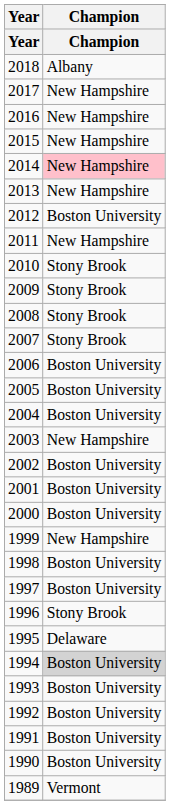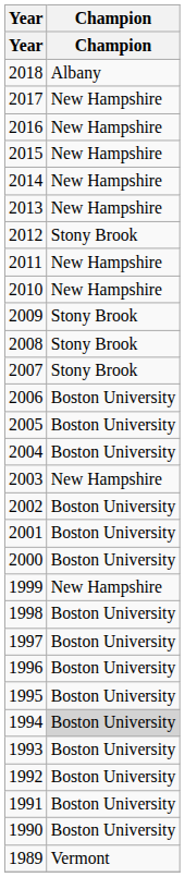 <table class="wikitable sortable">
 <tr>
 <th>Year</th>
 <th>Champion</th>
 </tr>
 <tr>
 <th>Year</th>
 <th>Champion</th>
 </tr>
 <tr>
 <td>2018</td>
 <td>Albany</td>
 </tr>
 <tr>
 <td>2017</td>
 <td>New Hampshire</td>
 </tr>
 <tr>
 <td>2016</td>
 <td>New Hampshire</td>
 </tr>
 <tr>
 <td>2015</td>
 <td>New Hampshire</td>
 </tr>
 <tr>
 <td>2014</td>
-<td style="background: pink;">New Hampshire</td>
+<td>New Hampshire</td>
 </tr>
 <tr>
 <td>2013</td>
 <td>New Hampshire</td>
 </tr>
 <tr>
 <td>2012</td>
-<td>Boston University</td>
+<td>Stony Brook</td>
 </tr>
 <tr>
 <td>2011</td>
 <td>New Hampshire</td>
 </tr>
 <tr>
 <td>2010</td>
-<td>Stony Brook</td>
+<td>New Hampshire</td>
 </tr>
 <tr>
 <td>2009</td>
 <td>Stony Brook</td>
 </tr>
 <tr>
 <td>2008</td>
 <td>Stony Brook</td>
 </tr>
 <tr>
 <td>2007</td>
 <td>Stony Brook</td>
 </tr>
 <tr>
 <td>2006</td>
 <td>Boston University</td>
 </tr>
 <tr>
 <td>2005</td>
 <td>Boston University</td>
 </tr>
 <tr>
 <td>2004</td>
 <td>Boston University</td>
 </tr>
 <tr>
 <td>2003</td>
 <td>New Hampshire</td>
 </tr>
 <tr>
 <td>2002</td>
 <td>Boston University</td>
 </tr>
 <tr>
 <td>2001</td>
 <td>Boston University</td>
 </tr>
 <tr>
 <td>2000</td>
 <td>Boston University</td>
 </tr>
 <tr>
 <td>1999</td>
 <td>New Hampshire</td>
 </tr>
 <tr>
 <td>1998</td>
 <td>Boston University</td>
 </tr>
 <tr>
 <td>1997</td>
 <td>Boston University</td>
 </tr>
 <tr>
 <td>1996</td>
-<td>Stony Brook</td>
+<td>Boston University</td>
 </tr>
 <tr>
 <td>1995</td>
-<td>Delaware</td>
+<td>Boston University</td>
 </tr>
 <tr>
 <td>1994</td>
 <td style="background: lightgrey;">Boston University</td>
 </tr>
 <tr>
 <td>1993</td>
 <td>Boston University</td>
 </tr>
 <tr>
 <td>1992</td>
 <td>Boston University</td>
 </tr>
 <tr>
 <td>1991</td>
 <td>Boston University</td>
 </tr>
 <tr>
 <td>1990</td>
 <td>Boston University</td>
 </tr>
 <tr>
 <td>1989</td>
 <td>Vermont</td>
 </tr>
 <tr>
 </tr>
 </table>
